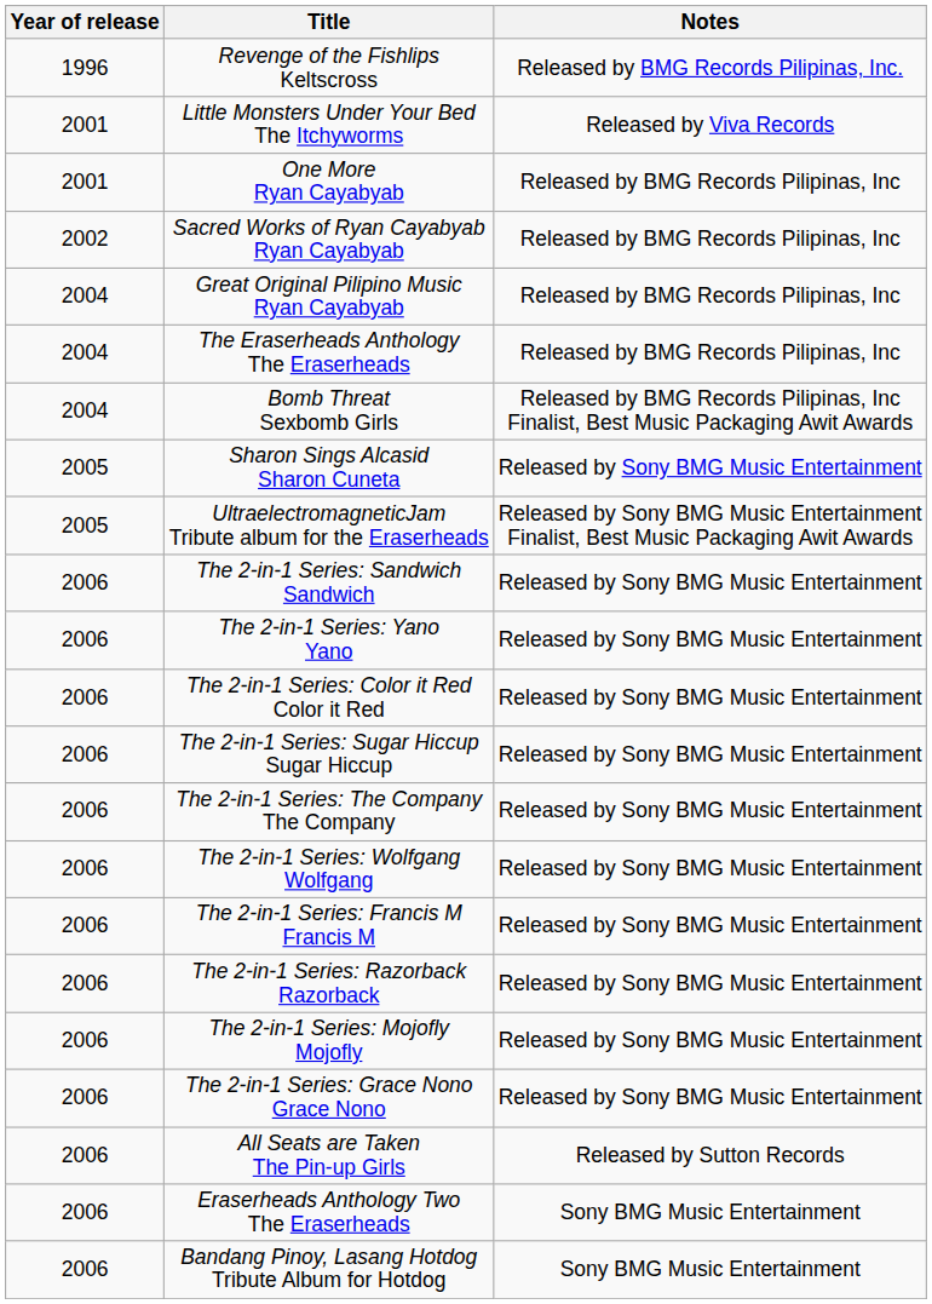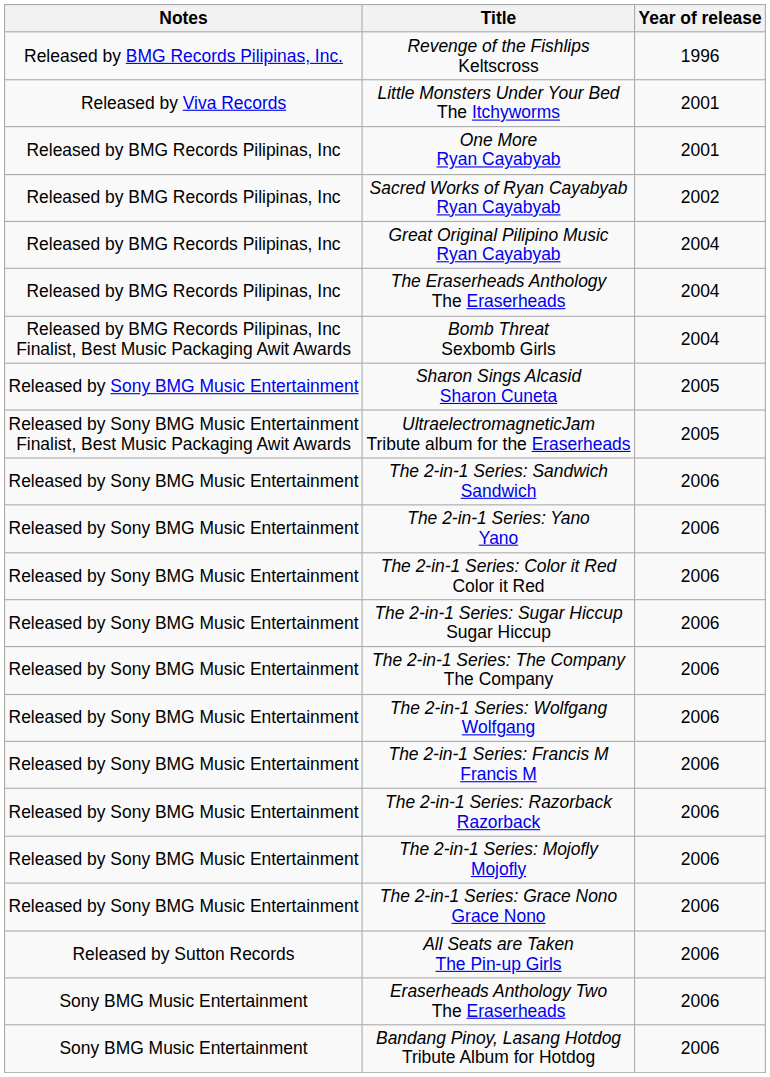 <table class="wikitable sortable">
 <tr>
+<th align="left">Notes</th>
+<th align="left">Title</th>
 <th align="left">Year of release</th>
-<th align="left">Title</th>
-<th align="left">Notes</th>
 </tr>
 <tr>
+<td align="center">Released by <a href='#'>BMG Records Pilipinas, Inc.</a></td>
+<td align="center"><em>Revenge of the Fishlips</em><br>Keltscross</td>
 <td align="center">1996</td>
-<td align="center"><em>Revenge of the Fishlips</em><br>Keltscross</td>
-<td align="center">Released by <a href='#'>BMG Records Pilipinas, Inc.</a></td>
 </tr>
 <tr>
+<td align="center">Released by <a href='#'>Viva Records</a></td>
+<td align="center"><em>Little Monsters Under Your Bed</em><br>The <a href='#'>Itchyworms</a></td>
 <td align="center">2001</td>
-<td align="center"><em>Little Monsters Under Your Bed</em><br>The <a href='#'>Itchyworms</a></td>
-<td align="center">Released by <a href='#'>Viva Records</a></td>
 </tr>
 <tr>
+<td align="center">Released by BMG Records Pilipinas, Inc</td>
+<td align="center"><em>One More</em><br><a href='#'>Ryan Cayabyab</a></td>
 <td align="center">2001</td>
-<td align="center"><em>One More</em><br><a href='#'>Ryan Cayabyab</a></td>
-<td align="center">Released by BMG Records Pilipinas, Inc</td>
 </tr>
 <tr>
+<td align="center">Released by BMG Records Pilipinas, Inc</td>
+<td align="center"><em>Sacred Works of Ryan Cayabyab</em><br><a href='#'>Ryan Cayabyab</a></td>
 <td align="center">2002</td>
-<td align="center"><em>Sacred Works of Ryan Cayabyab</em><br><a href='#'>Ryan Cayabyab</a></td>
-<td align="center">Released by BMG Records Pilipinas, Inc</td>
 </tr>
 <tr>
+<td align="center">Released by BMG Records Pilipinas, Inc</td>
+<td align="center"><em>Great Original Pilipino Music</em><br><a href='#'>Ryan Cayabyab</a></td>
 <td align="center">2004</td>
-<td align="center"><em>Great Original Pilipino Music</em><br><a href='#'>Ryan Cayabyab</a></td>
-<td align="center">Released by BMG Records Pilipinas, Inc</td>
 </tr>
 <tr>
+<td align="center">Released by BMG Records Pilipinas, Inc</td>
+<td align="center"><em>The Eraserheads Anthology</em><br>The <a href='#'>Eraserheads</a></td>
 <td align="center">2004</td>
-<td align="center"><em>The Eraserheads Anthology</em><br>The <a href='#'>Eraserheads</a></td>
-<td align="center">Released by BMG Records Pilipinas, Inc</td>
 </tr>
 <tr>
+<td align="center">Released by BMG Records Pilipinas, Inc<br>Finalist, Best Music Packaging Awit Awards</td>
+<td align="center"><em>Bomb Threat</em><br>Sexbomb Girls</td>
 <td align="center">2004</td>
-<td align="center"><em>Bomb Threat</em><br>Sexbomb Girls</td>
-<td align="center">Released by BMG Records Pilipinas, Inc<br>Finalist, Best Music Packaging Awit Awards</td>
 </tr>
 <tr>
+<td align="center">Released by <a href='#'>Sony BMG Music Entertainment</a></td>
+<td align="center"><em>Sharon Sings Alcasid</em><br><a href='#'>Sharon Cuneta</a></td>
 <td align="center">2005</td>
-<td align="center"><em>Sharon Sings Alcasid</em><br><a href='#'>Sharon Cuneta</a></td>
-<td align="center">Released by <a href='#'>Sony BMG Music Entertainment</a></td>
 </tr>
 <tr>
+<td align="center">Released by Sony BMG Music Entertainment<br>Finalist, Best Music Packaging Awit Awards</td>
+<td align="center"><em>UltraelectromagneticJam</em><br>Tribute album for the <a href='#'>Eraserheads</a></td>
 <td align="center">2005</td>
-<td align="center"><em>UltraelectromagneticJam</em><br>Tribute album for the <a href='#'>Eraserheads</a></td>
-<td align="center">Released by Sony BMG Music Entertainment<br>Finalist, Best Music Packaging Awit Awards</td>
 </tr>
 <tr>
+<td align="center">Released by Sony BMG Music Entertainment</td>
+<td align="center"><em>The 2-in-1 Series: Sandwich</em><br><a href='#'>Sandwich</a></td>
 <td align="center">2006</td>
-<td align="center"><em>The 2-in-1 Series: Sandwich</em><br><a href='#'>Sandwich</a></td>
-<td align="center">Released by Sony BMG Music Entertainment</td>
 </tr>
 <tr>
+<td align="center">Released by Sony BMG Music Entertainment</td>
+<td align="center"><em>The 2-in-1 Series: Yano</em><br><a href='#'>Yano</a></td>
 <td align="center">2006</td>
-<td align="center"><em>The 2-in-1 Series: Yano</em><br><a href='#'>Yano</a></td>
-<td align="center">Released by Sony BMG Music Entertainment</td>
 </tr>
 <tr>
+<td align="center">Released by Sony BMG Music Entertainment</td>
+<td align="center"><em>The 2-in-1 Series: Color it Red</em><br>Color it Red</td>
 <td align="center">2006</td>
-<td align="center"><em>The 2-in-1 Series: Color it Red</em><br>Color it Red</td>
-<td align="center">Released by Sony BMG Music Entertainment</td>
 </tr>
 <tr>
+<td align="center">Released by Sony BMG Music Entertainment</td>
+<td align="center"><em>The 2-in-1 Series: Sugar Hiccup</em><br>Sugar Hiccup</td>
 <td align="center">2006</td>
-<td align="center"><em>The 2-in-1 Series: Sugar Hiccup</em><br>Sugar Hiccup</td>
-<td align="center">Released by Sony BMG Music Entertainment</td>
 </tr>
 <tr>
+<td align="center">Released by Sony BMG Music Entertainment</td>
+<td align="center"><em>The 2-in-1 Series: The Company</em><br>The Company</td>
 <td align="center">2006</td>
-<td align="center"><em>The 2-in-1 Series: The Company</em><br>The Company</td>
-<td align="center">Released by Sony BMG Music Entertainment</td>
 </tr>
 <tr>
+<td align="center">Released by Sony BMG Music Entertainment</td>
+<td align="center"><em>The 2-in-1 Series: Wolfgang</em><br><a href='#'>Wolfgang</a></td>
 <td align="center">2006</td>
-<td align="center"><em>The 2-in-1 Series: Wolfgang</em><br><a href='#'>Wolfgang</a></td>
-<td align="center">Released by Sony BMG Music Entertainment</td>
 </tr>
 <tr>
+<td align="center">Released by Sony BMG Music Entertainment</td>
+<td align="center"><em>The 2-in-1 Series: Francis M</em><br><a href='#'>Francis M</a></td>
 <td align="center">2006</td>
-<td align="center"><em>The 2-in-1 Series: Francis M</em><br><a href='#'>Francis M</a></td>
-<td align="center">Released by Sony BMG Music Entertainment</td>
 </tr>
 <tr>
+<td align="center">Released by Sony BMG Music Entertainment</td>
+<td align="center"><em>The 2-in-1 Series: Razorback</em><br><a href='#'>Razorback</a></td>
 <td align="center">2006</td>
-<td align="center"><em>The 2-in-1 Series: Razorback</em><br><a href='#'>Razorback</a></td>
-<td align="center">Released by Sony BMG Music Entertainment</td>
 </tr>
 <tr>
+<td align="center">Released by Sony BMG Music Entertainment</td>
+<td align="center"><em>The 2-in-1 Series: Mojofly</em><br><a href='#'>Mojofly</a></td>
 <td align="center">2006</td>
-<td align="center"><em>The 2-in-1 Series: Mojofly</em><br><a href='#'>Mojofly</a></td>
-<td align="center">Released by Sony BMG Music Entertainment</td>
 </tr>
 <tr>
+<td align="center">Released by Sony BMG Music Entertainment</td>
+<td align="center"><em>The 2-in-1 Series: Grace Nono</em><br><a href='#'>Grace Nono</a></td>
 <td align="center">2006</td>
-<td align="center"><em>The 2-in-1 Series: Grace Nono</em><br><a href='#'>Grace Nono</a></td>
-<td align="center">Released by Sony BMG Music Entertainment</td>
 </tr>
 <tr>
+<td align="center">Released by Sutton Records</td>
+<td align="center"><em>All Seats are Taken</em><br><a href='#'>The Pin-up Girls</a></td>
 <td align="center">2006</td>
-<td align="center"><em>All Seats are Taken</em><br><a href='#'>The Pin-up Girls</a></td>
-<td align="center">Released by Sutton Records</td>
 </tr>
 <tr>
+<td align="center">Sony BMG Music Entertainment</td>
+<td align="center"><em>Eraserheads Anthology Two</em><br>The <a href='#'>Eraserheads</a></td>
 <td align="center">2006</td>
-<td align="center"><em>Eraserheads Anthology Two</em><br>The <a href='#'>Eraserheads</a></td>
-<td align="center">Sony BMG Music Entertainment</td>
 </tr>
 <tr>
+<td align="center">Sony BMG Music Entertainment</td>
+<td align="center"><em>Bandang Pinoy, Lasang Hotdog</em><br>Tribute Album for Hotdog</td>
 <td align="center">2006</td>
-<td align="center"><em>Bandang Pinoy, Lasang Hotdog</em><br>Tribute Album for Hotdog</td>
-<td align="center">Sony BMG Music Entertainment</td>
 </tr>
 </table>
